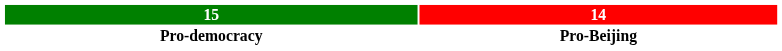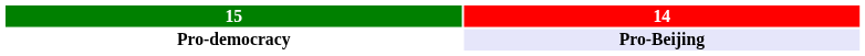 <table style="width:50%; text-align:center;">
 <tr style="color:white;">
 <td style="background:green; width:51.72%;"><strong>15</strong></td>
 <td style="background:red; width:44.83%;"><strong>14</strong></td>
 </tr>
 <tr>
 <td><span><strong>Pro-democracy</strong></span></td>
-<td><span><strong>Pro-Beijing</strong></span></td>
+<td style="background: lavender;"><span><strong>Pro-Beijing</strong></span></td>
 </tr>
 </table>
